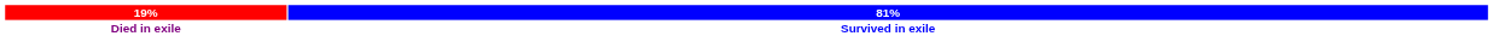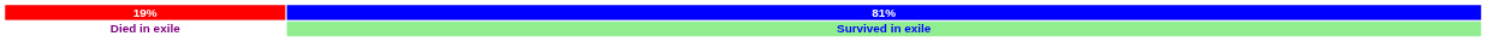 <table style="width:100%; text-align:center; font-weight:bold;">
 <tr style="color:white;">
 <td style="background:red; width:19%;">19%</td>
 <td style="background:blue; width:81%;">81%</td>
 </tr>
 <tr>
 <td style="color:Purple;">Died in exile</td>
-<td style="color:Blue;">Survived in exile</td>
+<td style="background: lightgreen; color:Blue;">Survived in exile</td>
 </tr>
 </table>
